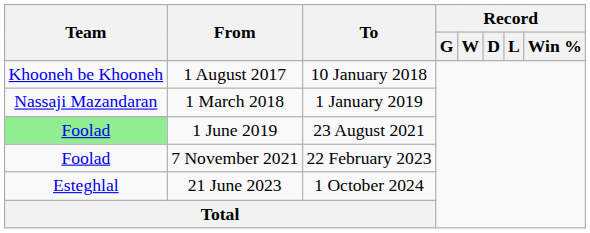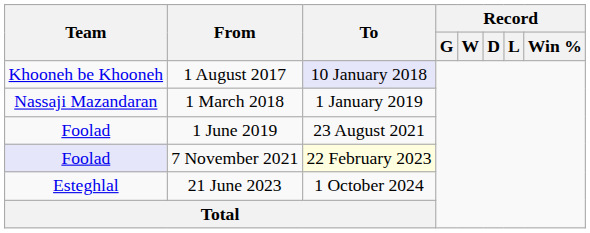 <table class="wikitable" style="text-align: center">
 <tr>
 <th rowspan="2">Team</th>
 <th rowspan="2">From</th>
 <th rowspan="2">To</th>
 <th colspan="5">Record</th>
 </tr>
 <tr>
 <th>G</th>
 <th>W</th>
 <th>D</th>
 <th>L</th>
 <th>Win %</th>
 </tr>
 <tr>
 <td><a href='#'>Khooneh be Khooneh</a></td>
 <td>1 August 2017</td>
-<td>10 January 2018<br></td>
+<td style="background: lavender;">10 January 2018<br></td>
 </tr>
 <tr>
 <td><a href='#'>Nassaji Mazandaran</a></td>
 <td>1 March 2018</td>
 <td>1 January 2019<br></td>
 </tr>
 <tr>
-<td style="background: lightgreen;"><a href='#'>Foolad</a></td>
+<td><a href='#'>Foolad</a></td>
 <td>1 June 2019</td>
 <td>23 August 2021<br></td>
 </tr>
 <tr>
-<td><a href='#'>Foolad</a></td>
+<td style="background: lavender;"><a href='#'>Foolad</a></td>
 <td>7 November 2021</td>
-<td>22 February 2023<br></td>
+<td style="background: lightyellow;">22 February 2023<br></td>
 </tr>
 <tr>
 <td><a href='#'>Esteghlal</a></td>
 <td>21 June 2023</td>
 <td>1 October 2024<br></td>
 </tr>
 <tr>
 <th colspan="3">Total<br></th>
 </tr>
 </table>
